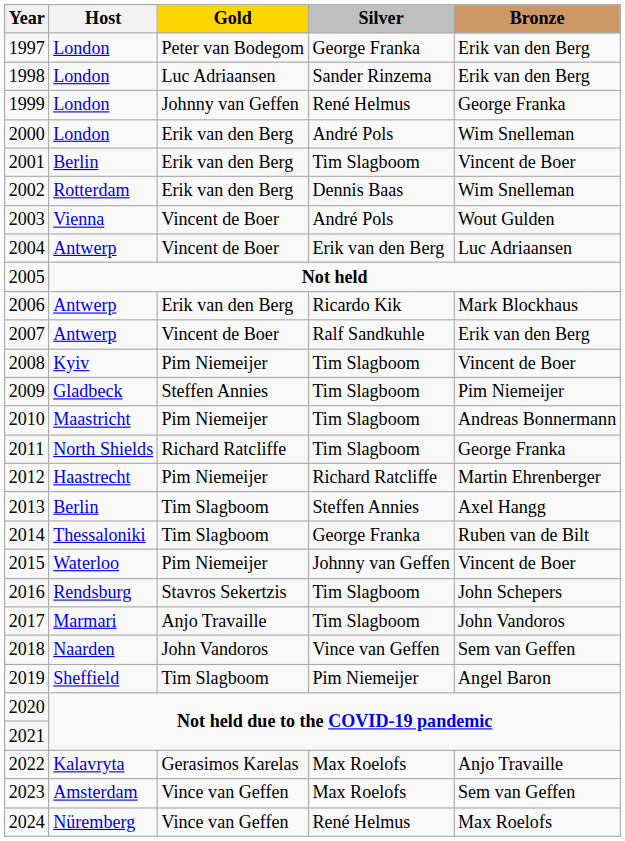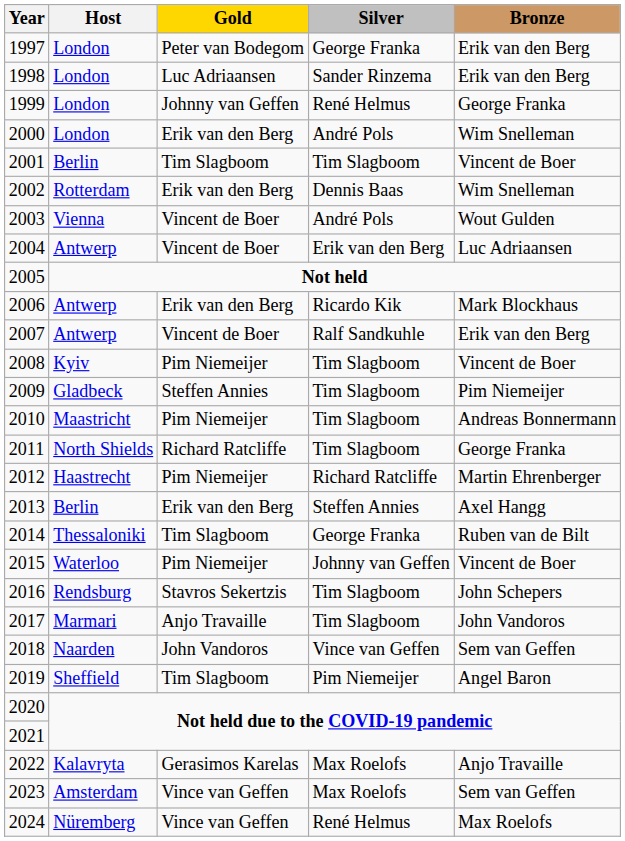 <table class="wikitable">
 <tr>
 <th>Year</th>
 <th>Host</th>
 <td align="center" bgcolor="gold"><strong>Gold</strong></td>
 <td align="center" bgcolor="silver"><strong>Silver</strong></td>
 <td align="center" bgcolor="cc9966"><strong>Bronze</strong></td>
 </tr>
 <tr>
 <td>1997</td>
 <td> <a href='#'>London</a></td>
 <td> Peter van Bodegom</td>
 <td> George Franka</td>
 <td> Erik van den Berg</td>
 </tr>
 <tr>
 <td>1998</td>
 <td> <a href='#'>London</a></td>
 <td> Luc Adriaansen</td>
 <td> Sander Rinzema</td>
 <td> Erik van den Berg</td>
 </tr>
 <tr>
 <td>1999</td>
 <td> <a href='#'>London</a></td>
 <td> Johnny van Geffen</td>
 <td> René Helmus</td>
 <td> George Franka</td>
 </tr>
 <tr>
 <td>2000</td>
 <td> <a href='#'>London</a></td>
 <td> Erik van den Berg</td>
 <td> André Pols</td>
 <td> Wim Snelleman</td>
 </tr>
 <tr>
 <td>2001</td>
 <td> <a href='#'>Berlin</a></td>
-<td> Erik van den Berg</td>
+<td> Tim Slagboom</td>
 <td> Tim Slagboom</td>
 <td> Vincent de Boer</td>
 </tr>
 <tr>
 <td>2002</td>
 <td> <a href='#'>Rotterdam</a></td>
 <td> Erik van den Berg</td>
 <td> Dennis Baas</td>
 <td> Wim Snelleman</td>
 </tr>
 <tr>
 <td>2003</td>
 <td> <a href='#'>Vienna</a></td>
 <td> Vincent de Boer</td>
 <td> André Pols</td>
 <td> Wout Gulden</td>
 </tr>
 <tr>
 <td>2004</td>
 <td> <a href='#'>Antwerp</a></td>
 <td> Vincent de Boer</td>
 <td> Erik van den Berg</td>
 <td> Luc Adriaansen</td>
 </tr>
 <tr>
 <td>2005</td>
 <td colspan="4" style="text-align:center;"><strong>Not held</strong></td>
 </tr>
 <tr>
 <td>2006</td>
 <td> <a href='#'>Antwerp</a></td>
 <td> Erik van den Berg</td>
 <td> Ricardo Kik</td>
 <td> Mark Blockhaus</td>
 </tr>
 <tr>
 <td>2007</td>
 <td> <a href='#'>Antwerp</a></td>
 <td> Vincent de Boer</td>
 <td> Ralf Sandkuhle</td>
 <td> Erik van den Berg</td>
 </tr>
 <tr>
 <td>2008</td>
 <td> <a href='#'>Kyiv</a></td>
 <td> Pim Niemeijer</td>
 <td> Tim Slagboom</td>
 <td> Vincent de Boer</td>
 </tr>
 <tr>
 <td>2009</td>
 <td> <a href='#'>Gladbeck</a></td>
 <td> Steffen Annies</td>
 <td> Tim Slagboom</td>
 <td> Pim Niemeijer</td>
 </tr>
 <tr>
 <td>2010</td>
 <td> <a href='#'>Maastricht</a></td>
 <td> Pim Niemeijer</td>
 <td> Tim Slagboom</td>
 <td> Andreas Bonnermann</td>
 </tr>
 <tr>
 <td>2011</td>
 <td> <a href='#'>North Shields</a></td>
 <td> Richard Ratcliffe</td>
 <td> Tim Slagboom</td>
 <td> George Franka</td>
 </tr>
 <tr>
 <td>2012</td>
 <td> <a href='#'>Haastrecht</a></td>
 <td> Pim Niemeijer</td>
 <td> Richard Ratcliffe</td>
 <td> Martin Ehrenberger</td>
 </tr>
 <tr>
 <td>2013</td>
 <td> <a href='#'>Berlin</a></td>
-<td> Tim Slagboom</td>
+<td> Erik van den Berg</td>
 <td> Steffen Annies</td>
 <td> Axel Hangg</td>
 </tr>
 <tr>
 <td>2014</td>
 <td> <a href='#'>Thessaloniki</a></td>
 <td> Tim Slagboom</td>
 <td> George Franka</td>
 <td> Ruben van de Bilt</td>
 </tr>
 <tr>
 <td>2015</td>
 <td> <a href='#'>Waterloo</a></td>
 <td> Pim Niemeijer</td>
 <td> Johnny van Geffen</td>
 <td> Vincent de Boer</td>
 </tr>
 <tr>
 <td>2016</td>
 <td> <a href='#'>Rendsburg</a></td>
 <td> Stavros Sekertzis</td>
 <td> Tim Slagboom</td>
 <td> John Schepers</td>
 </tr>
 <tr>
 <td>2017</td>
 <td> <a href='#'>Marmari</a></td>
 <td> Anjo Travaille</td>
 <td> Tim Slagboom</td>
 <td> John Vandoros</td>
 </tr>
 <tr>
 <td>2018</td>
 <td> <a href='#'>Naarden</a></td>
 <td> John Vandoros</td>
 <td> Vince van Geffen</td>
 <td> Sem van Geffen</td>
 </tr>
 <tr>
 <td>2019</td>
 <td> <a href='#'>Sheffield</a></td>
 <td> Tim Slagboom</td>
 <td> Pim Niemeijer</td>
 <td> Angel Baron</td>
 </tr>
 <tr>
 <td>2020</td>
 <td rowspan="2" colspan="4" style="text-align:center;"><strong>Not held due to the <a href='#'>COVID-19 pandemic</a></strong></td>
 </tr>
 <tr>
 <td>2021</td>
 </tr>
 <tr>
 <td>2022</td>
 <td> <a href='#'>Kalavryta</a></td>
 <td> Gerasimos Karelas</td>
 <td> Max Roelofs</td>
 <td> Anjo Travaille</td>
 </tr>
 <tr>
 <td>2023</td>
 <td> <a href='#'>Amsterdam</a></td>
 <td> Vince van Geffen</td>
 <td> Max Roelofs</td>
 <td> Sem van Geffen</td>
 </tr>
 <tr>
 <td>2024</td>
 <td> <a href='#'>Nüremberg</a></td>
 <td> Vince van Geffen</td>
 <td> René Helmus</td>
 <td> Max Roelofs</td>
 </tr>
 </table>
